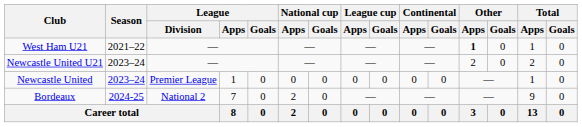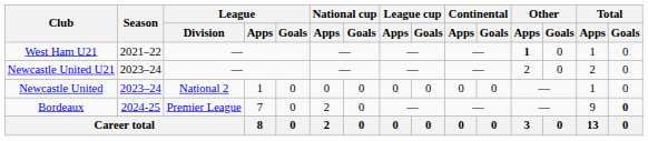 <table class=wikitable style=text-align:center>
 <tr>
 <th rowspan=2>Club</th>
 <th rowspan=2>Season</th>
 <th colspan=3>League</th>
 <th colspan=2>National cup</th>
 <th colspan=2>League cup</th>
 <th colspan=2>Continental</th>
 <th colspan=2>Other</th>
 <th colspan=2>Total</th>
 </tr>
 <tr>
 <th>Division</th>
 <th>Apps</th>
 <th>Goals</th>
 <th>Apps</th>
 <th>Goals</th>
 <th>Apps</th>
 <th>Goals</th>
 <th>Apps</th>
 <th>Goals</th>
 <th>Apps</th>
 <th>Goals</th>
 <th>Apps</th>
 <th>Goals</th>
 </tr>
 <tr>
 <td><a href='#'>West Ham U21</a></td>
 <td>2021–22</td>
 <td colspan=3>—</td>
 <td colspan=2>—</td>
 <td colspan=2>—</td>
 <td colspan=2>—</td>
 <td><strong>1</strong></td>
 <td>0</td>
 <td>1</td>
 <td>0</td>
 </tr>
 <tr>
 <td><a href='#'>Newcastle United U21</a></td>
 <td>2023–24</td>
 <td colspan=3>—</td>
 <td colspan=2>—</td>
 <td colspan=2>—</td>
 <td colspan=2>—</td>
 <td>2</td>
 <td>0</td>
 <td>2</td>
 <td>0</td>
 </tr>
 <tr>
 <td><a href='#'>Newcastle United</a></td>
 <td><a href='#'>2023–24</a></td>
-<td><a href='#'>Premier League</a></td>
+<td><a href='#'>National 2</a></td>
 <td>1</td>
 <td>0</td>
 <td>0</td>
 <td>0</td>
 <td>0</td>
 <td>0</td>
 <td>0</td>
 <td>0</td>
 <td colspan="2">—</td>
 <td>1</td>
 <td>0</td>
 </tr>
 <tr>
 <td><a href='#'>Bordeaux</a></td>
 <td><a href='#'>2024-25</a></td>
-<td><a href='#'>National 2</a></td>
+<td><a href='#'>Premier League</a></td>
 <td>7</td>
 <td>0</td>
 <td>2</td>
 <td>0</td>
 <td colspan="2">—</td>
 <td colspan="2">—</td>
 <td colspan="2">—</td>
 <td>9</td>
-<td>0</td>
+<td><strong>0</strong></td>
 </tr>
 <tr>
 <th colspan="3">Career total</th>
 <th>8</th>
 <th>0</th>
 <th>2</th>
 <th>0</th>
 <th>0</th>
 <th>0</th>
 <th>0</th>
 <th>0</th>
 <th>3</th>
 <th>0</th>
 <th>13</th>
 <th>0</th>
 </tr>
 </table>
